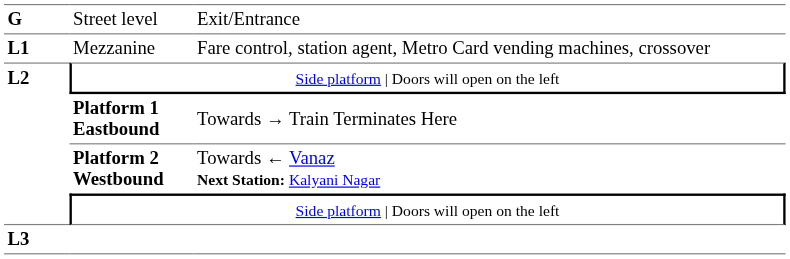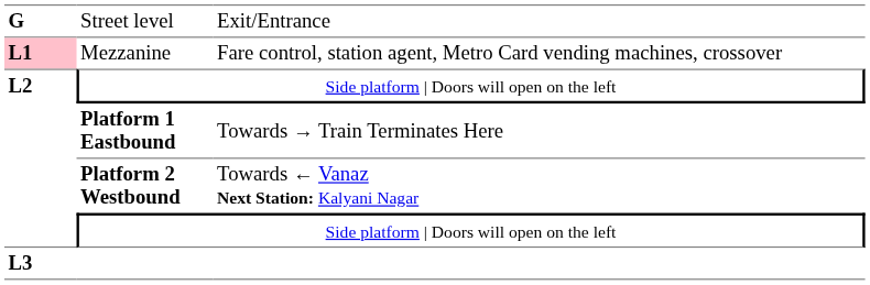 <table table border=0 cellspacing=0 cellpadding=3>
 <tr>
 <td style="border-bottom:solid 1px grey;border-top:solid 1px grey;" width=50 valign=top><strong>G</strong></td>
 <td style="border-top:solid 1px grey;border-bottom:solid 1px grey;" width=100 valign=top>Street level</td>
 <td style="border-top:solid 1px grey;border-bottom:solid 1px grey;" width=500 valign=top>Exit/Entrance</td>
 </tr>
 <tr>
-<td valign=top><strong>L1</strong></td>
+<td valign=top style="background: pink;"><strong>L1</strong></td>
 <td valign=top>Mezzanine</td>
 <td valign=top>Fare control, station agent, Metro Card vending machines, crossover<br></td>
 </tr>
 <tr>
 <td style="border-top:solid 1px grey;border-bottom:solid 1px grey;" width=50 rowspan=4 valign=top><strong>L2</strong></td>
 <td style="border-top:solid 1px grey;border-right:solid 2px black;border-left:solid 2px black;border-bottom:solid 2px black;text-align:center;" colspan=2><small><a href='#'>Side platform</a> | Doors will open on the left </small></td>
 </tr>
 <tr>
 <td style="border-bottom:solid 1px grey;" width=100><span><strong>Platform 1</strong><br><strong>Eastbound</strong></span></td>
 <td style="border-bottom:solid 1px grey;" width=500>Towards → Train Terminates Here</td>
 </tr>
 <tr>
 <td><span><strong>Platform 2</strong><br><strong>Westbound</strong></span></td>
 <td>Towards ← <a href='#'>Vanaz</a><br><small><strong>Next Station:</strong> <a href='#'>Kalyani Nagar</a></small></td>
 </tr>
 <tr>
 <td style="border-top:solid 2px black;border-right:solid 2px black;border-left:solid 2px black;border-bottom:solid 1px grey;" colspan=2  align=center><small><a href='#'>Side platform</a> | Doors will open on the left </small></td>
 </tr>
 <tr>
 <td style="border-bottom:solid 1px grey;" width=50 rowspan=2 valign=top><strong>L3</strong></td>
 <td style="border-bottom:solid 1px grey;" width=100></td>
 <td style="border-bottom:solid 1px grey;" width=500></td>
 </tr>
 <tr>
 </tr>
 </table>
